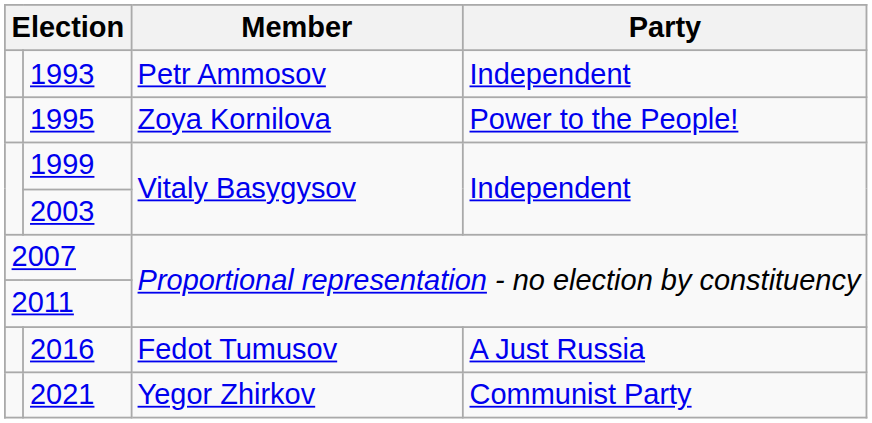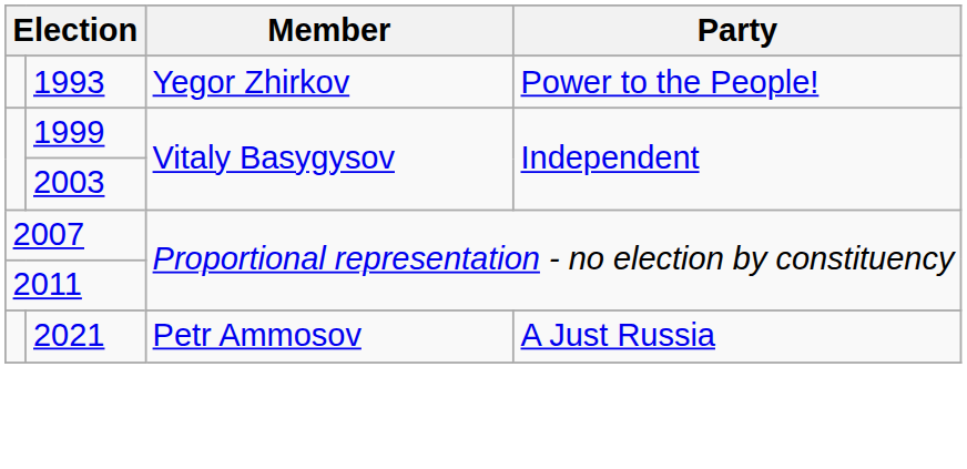 <table class="wikitable">
 <tr>
 <th colspan="2">Election</th>
 <th>Member</th>
 <th>Party</th>
 </tr>
 <tr>
 <td style="background-color: "></td>
 <td><a href='#'>1993</a></td>
-<td><a href='#'>Petr Ammosov</a></td>
-<td><a href='#'>Independent</a></td>
-</tr>
-<tr>
-<td style="background-color:"></td>
-<td><a href='#'>1995</a></td>
-<td><a href='#'>Zoya Kornilova</a></td>
+<td><a href='#'>Yegor Zhirkov</a></td>
 <td><a href='#'>Power to the People!</a></td>
 </tr>
 <tr>
 <td rowspan=2 style="background-color:"></td>
 <td><a href='#'>1999</a></td>
 <td rowspan=2><a href='#'>Vitaly Basygysov</a></td>
 <td rowspan=2><a href='#'>Independent</a></td>
 </tr>
 <tr>
 <td><a href='#'>2003</a></td>
 </tr>
 <tr>
 <td colspan=2><a href='#'>2007</a></td>
 <td colspan=2 rowspan=2><em><a href='#'>Proportional representation</a> - no election by constituency</em></td>
 </tr>
 <tr>
 <td colspan=2><a href='#'>2011</a></td>
 </tr>
 <tr>
 <td style="background-color: "></td>
-<td><a href='#'>2016</a></td>
-<td><a href='#'>Fedot Tumusov</a></td>
+<td><a href='#'>2021</a></td>
+<td><a href='#'>Petr Ammosov</a></td>
 <td><a href='#'>A Just Russia</a></td>
 </tr>
-<tr>
-<td style="background-color: "></td>
-<td><a href='#'>2021</a></td>
-<td><a href='#'>Yegor Zhirkov</a></td>
-<td><a href='#'>Communist Party</a></td>
-</tr>
 </table>
